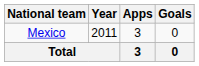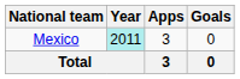 <table class="wikitable" style="text-align: center;">
 <tr>
 <th>National team</th>
 <th>Year</th>
 <th>Apps</th>
 <th>Goals</th>
 </tr>
 <tr>
 <td rowspan="1" valign="center"><a href='#'>Mexico</a></td>
-<td>2011</td>
+<td style="background: paleturquoise;">2011</td>
 <td>3</td>
 <td>0</td>
 </tr>
 <tr>
 <th colspan="2">Total</th>
 <th>3</th>
 <th>0</th>
 </tr>
 </table>
